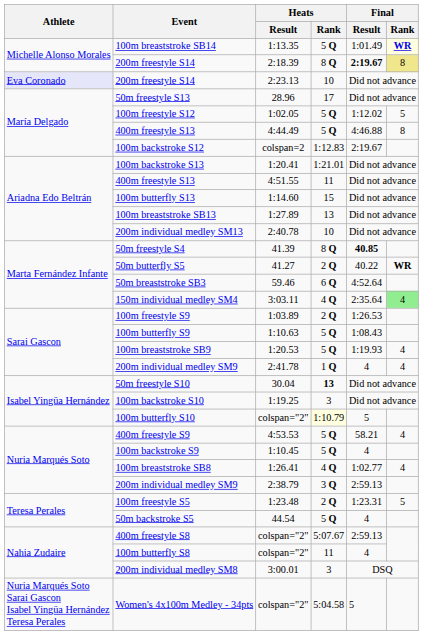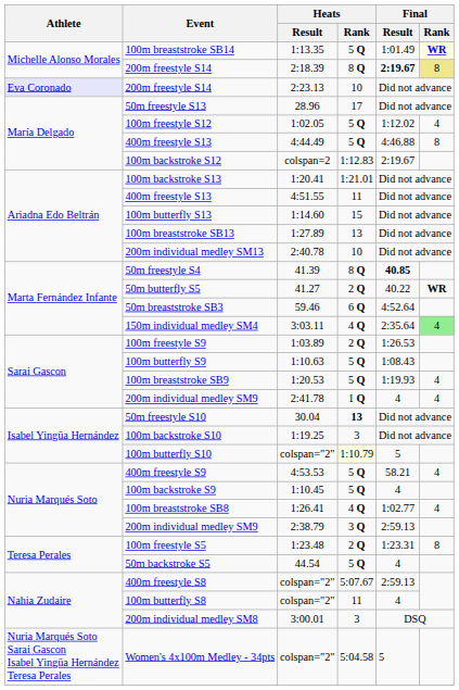 <table class=wikitable style="font-size:90%">
 <tr>
 <th rowspan="2">Athlete</th>
 <th rowspan="2">Event</th>
 <th colspan="2">Heats</th>
 <th colspan="2">Final</th>
 </tr>
 <tr>
 <th>Result</th>
 <th>Rank</th>
 <th>Result</th>
 <th>Rank</th>
 </tr>
 <tr align=center>
 <td rowspan="2" align="left"><a href='#'>Michelle Alonso Morales</a></td>
 <td align=left><a href='#'>100m breaststroke SB14</a></td>
 <td>1:13.35</td>
 <td>5 <strong>Q</strong></td>
 <td>1:01.49</td>
 <td style="background: lightyellow;"> <strong><a href='#'>WR</a></strong></td>
 </tr>
 <tr align=center>
 <td align="left"><a href='#'>200m freestyle S14</a></td>
 <td>2:18.39</td>
 <td>8 <strong>Q</strong></td>
 <td><strong>2:19.67</strong></td>
 <td style="background: khaki;">8</td>
 </tr>
 <tr align=center>
 <td align="left" style="background: lavender;"><a href='#'>Eva Coronado</a></td>
 <td align="left"><a href='#'>200m freestyle S14</a></td>
 <td>2:23.13</td>
 <td>10</td>
 <td colspan="2">Did not advance</td>
 </tr>
 <tr align="center">
 <td rowspan="4" align="left"><a href='#'>María Delgado</a></td>
 <td align="left"><a href='#'>50m freestyle S13</a></td>
 <td>28.96</td>
 <td>17</td>
 <td colspan="2">Did not advance</td>
 </tr>
 <tr align=center>
 <td align=left><a href='#'>100m freestyle S12</a></td>
 <td>1:02.05</td>
 <td>5 <strong>Q</strong></td>
 <td>1:12.02</td>
-<td>5</td>
+<td>4</td>
 </tr>
 <tr align=center>
 <td align=left><a href='#'>400m freestyle S13</a></td>
 <td>4:44.49</td>
 <td>5 <strong>Q</strong></td>
 <td>4:46.88</td>
 <td>8</td>
 </tr>
 <tr align=center>
 <td align=left><a href='#'>100m backstroke S12</a></td>
 <td>colspan=2 </td>
 <td>1:12.83</td>
 <td>2:19.67</td>
 </tr>
 <tr align=center>
 <td rowspan="5" align="left"><a href='#'>Ariadna Edo Beltrán</a></td>
 <td align=left><a href='#'>100m backstroke S13</a></td>
 <td>1:20.41</td>
 <td>1:21.01</td>
 <td colspan="2">Did not advance</td>
 </tr>
 <tr align=center>
 <td align=left><a href='#'>400m freestyle S13</a></td>
 <td>4:51.55</td>
 <td>11</td>
 <td colspan="2">Did not advance</td>
 </tr>
 <tr align=center>
 <td align=left><a href='#'>100m butterfly S13</a></td>
 <td>1:14.60</td>
 <td>15</td>
 <td colspan="2">Did not advance</td>
 </tr>
 <tr align=center>
 <td align="left"><a href='#'>100m breaststroke SB13</a></td>
 <td>1:27.89</td>
 <td>13</td>
 <td colspan="2">Did not advance</td>
 </tr>
 <tr align=center>
 <td align=left><a href='#'>200m individual medley SM13</a></td>
 <td>2:40.78</td>
 <td>10</td>
 <td colspan="2">Did not advance</td>
 </tr>
 <tr align=center>
 <td rowspan="4" align="left"><a href='#'>Marta Fernández Infante</a></td>
 <td align=left><a href='#'>50m freestyle S4</a></td>
 <td>41.39</td>
 <td>8 <strong>Q</strong></td>
 <td><strong>40.85</strong></td>
 <td></td>
 </tr>
 <tr align=center>
 <td align=left><a href='#'>50m butterfly S5</a></td>
 <td>41.27</td>
 <td>2 <strong>Q</strong></td>
 <td>40.22</td>
 <td> <strong>WR</strong></td>
 </tr>
 <tr align=center>
 <td align=left><a href='#'>50m breaststroke SB3</a></td>
 <td>59.46</td>
 <td>6 <strong>Q</strong></td>
 <td>4:52.64</td>
 <td></td>
 </tr>
 <tr align=center>
 <td align=left><a href='#'>150m individual medley SM4</a></td>
 <td>3:03.11</td>
 <td>4 <strong>Q</strong></td>
 <td>2:35.64</td>
 <td style="background: lightgreen;">4</td>
 </tr>
 <tr align="center">
 <td align="left" rowspan="4"><a href='#'>Sarai Gascon</a></td>
 <td align="left"><a href='#'>100m freestyle S9</a></td>
 <td>1:03.89</td>
 <td>2 <strong>Q</strong></td>
 <td>1:26.53</td>
 <td></td>
 </tr>
 <tr align=center>
 <td align=left><a href='#'>100m butterfly S9</a></td>
 <td>1:10.63</td>
 <td>5 <strong>Q</strong></td>
 <td>1:08.43</td>
 <td></td>
 </tr>
 <tr align=center>
 <td align=left><a href='#'>100m breaststroke SB9</a></td>
 <td>1:20.53</td>
 <td>5 <strong>Q</strong></td>
 <td>1:19.93</td>
 <td>4</td>
 </tr>
 <tr align=center>
 <td align=left><a href='#'>200m individual medley SM9</a></td>
 <td>2:41.78</td>
 <td>1 <strong>Q</strong></td>
 <td>4</td>
 <td>4</td>
 </tr>
 <tr align=center>
 <td rowspan="3" align="left"><a href='#'>Isabel Yingüa Hernández</a></td>
 <td align=left><a href='#'>50m freestyle S10</a></td>
 <td>30.04</td>
 <td><strong>13</strong></td>
 <td colspan="2">Did not advance</td>
 </tr>
 <tr align=center>
 <td align=left><a href='#'>100m backstroke S10</a></td>
 <td>1:19.25</td>
 <td>3</td>
 <td colspan="2">Did not advance</td>
 </tr>
 <tr align=center>
 <td align=left><a href='#'>100m butterfly S10</a></td>
 <td>colspan="2" </td>
 <td style="background: lightyellow;">1:10.79</td>
 <td>5</td>
 </tr>
 <tr align="center">
 <td align="left" rowspan="4"><a href='#'>Nuria Marqués Soto</a></td>
 <td align="left"><a href='#'>400m freestyle S9</a></td>
 <td>4:53.53</td>
 <td>5 <strong>Q</strong></td>
 <td>58.21</td>
 <td>4</td>
 </tr>
 <tr align=center>
 <td align=left><a href='#'>100m backstroke S9</a></td>
 <td>1:10.45</td>
 <td>5 <strong>Q</strong></td>
 <td>4</td>
 <td></td>
 </tr>
 <tr align=center>
 <td align=left><a href='#'>100m breaststroke SB8</a></td>
 <td>1:26.41</td>
 <td>4 <strong>Q</strong></td>
 <td>1:02.77</td>
 <td>4</td>
 </tr>
 <tr align=center>
 <td align=left><a href='#'>200m individual medley SM9</a></td>
 <td>2:38.79</td>
 <td>3 <strong>Q</strong></td>
 <td>2:59.13</td>
 <td></td>
 </tr>
 <tr align="center">
 <td align="left" rowspan="2"><a href='#'>Teresa Perales</a></td>
 <td align="left"><a href='#'>100m freestyle S5</a></td>
 <td>1:23.48</td>
 <td>2 <strong>Q</strong></td>
 <td>1:23.31</td>
-<td>5</td>
+<td>8</td>
 </tr>
 <tr align=center>
 <td align=left><a href='#'>50m backstroke S5</a></td>
 <td>44.54</td>
 <td>5 <strong>Q</strong></td>
 <td>4</td>
 <td></td>
 </tr>
 <tr align="center">
 <td align="left" rowspan="3"><a href='#'>Nahia Zudaire</a></td>
 <td align="left"><a href='#'>400m freestyle S8</a></td>
 <td>colspan="2" </td>
 <td>5:07.67</td>
 <td>2:59.13</td>
 </tr>
 <tr align="center">
 <td align="left"><a href='#'>100m butterfly S8</a></td>
 <td>colspan="2" </td>
 <td>11</td>
 <td>4</td>
 </tr>
 <tr align=center>
 <td align=left><a href='#'>200m individual medley SM8</a></td>
 <td>3:00.01</td>
 <td>3</td>
 <td colspan="2">DSQ</td>
 </tr>
 <tr>
 <td align=left><a href='#'>Nuria Marqués Soto</a><br><a href='#'>Sarai Gascon</a><br><a href='#'>Isabel Yingüa Hernández</a><br><a href='#'>Teresa Perales</a></td>
 <td align=left><a href='#'>Women's 4x100m Medley - 34pts</a></td>
 <td>colspan="2" </td>
 <td>5:04.58</td>
 <td>5</td>
 </tr>
 </table>
